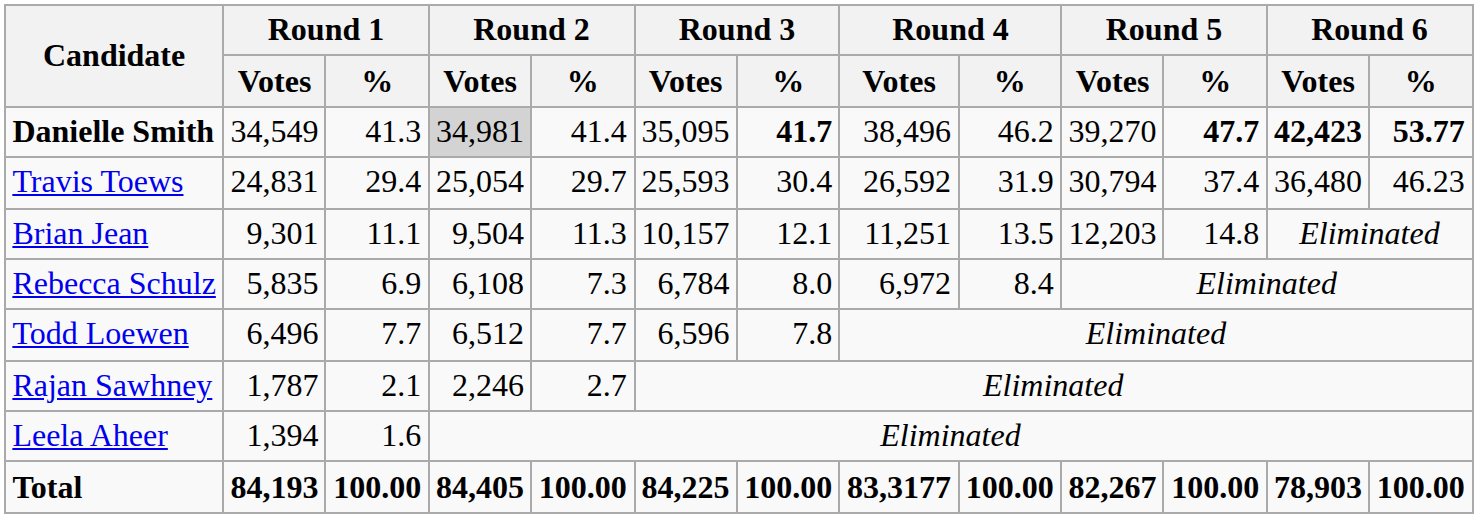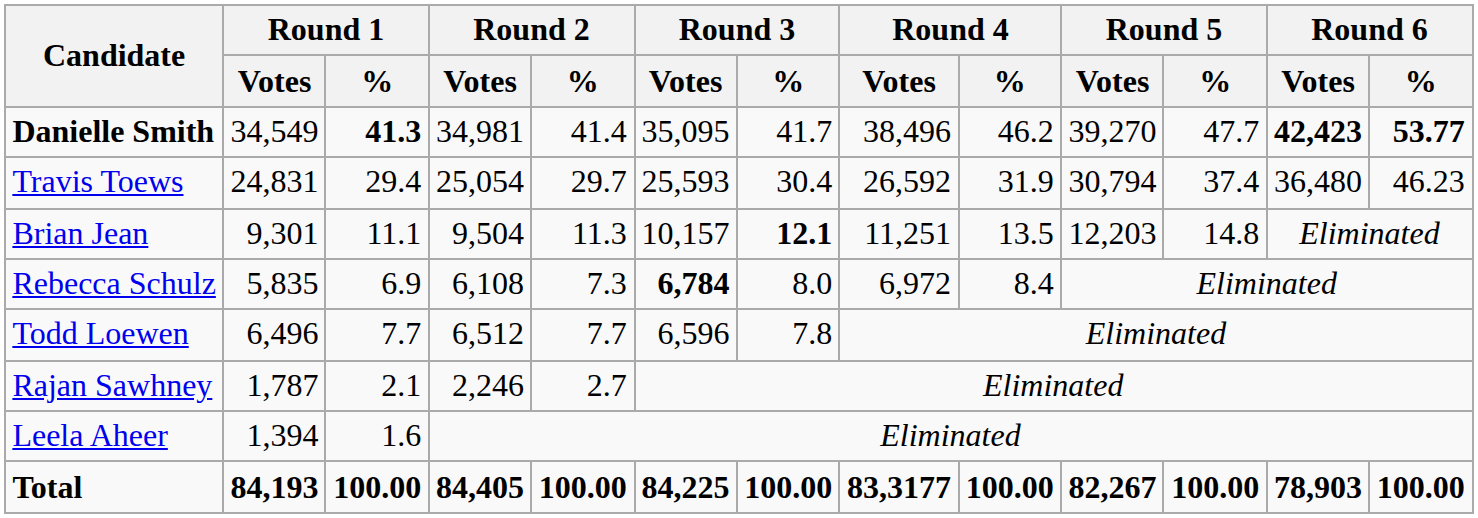 <table class="wikitable">
 <tr>
 <th rowspan=2>Candidate</th>
 <th colspan=2>Round 1</th>
 <th colspan=2>Round 2</th>
 <th colspan=2>Round 3</th>
 <th colspan=2>Round 4</th>
 <th colspan=2>Round 5</th>
 <th colspan=2>Round 6</th>
 </tr>
 <tr>
 <th>Votes</th>
 <th>%</th>
 <th>Votes</th>
 <th>%</th>
 <th>Votes</th>
 <th>%</th>
 <th>Votes</th>
 <th>%</th>
 <th>Votes</th>
 <th>%</th>
 <th>Votes</th>
 <th>%</th>
 </tr>
 <tr>
 <td><strong>Danielle Smith</strong></td>
 <td style="text-align:right">34,549</td>
-<td style="text-align:right">41.3</td>
-<td style="background: lightgrey; text-align:right">34,981</td>
+<td style="text-align:right"><strong>41.3</strong></td>
+<td style="text-align:right">34,981</td>
 <td style="text-align:right">41.4</td>
 <td style="text-align:right">35,095</td>
-<td style="text-align:right"><strong>41.7</strong></td>
+<td style="text-align:right">41.7</td>
 <td style="text-align:right">38,496</td>
 <td style="text-align:right">46.2</td>
 <td style="text-align:right">39,270</td>
-<td style="text-align:right"><strong>47.7</strong></td>
+<td style="text-align:right">47.7</td>
 <td style="text-align:right"><strong>42,423</strong></td>
 <td style="text-align:right"><strong>53.77</strong></td>
 </tr>
 <tr>
 <td><a href='#'>Travis Toews</a></td>
 <td style="text-align:right">24,831</td>
 <td style="text-align:right">29.4</td>
 <td style="text-align:right">25,054</td>
 <td style="text-align:right">29.7</td>
 <td style="text-align:right">25,593</td>
 <td style="text-align:right">30.4</td>
 <td style="text-align:right">26,592</td>
 <td style="text-align:right">31.9</td>
 <td style="text-align:right">30,794</td>
 <td style="text-align:right">37.4</td>
 <td style="text-align:right">36,480</td>
 <td style="text-align:right">46.23</td>
 </tr>
 <tr>
 <td><a href='#'>Brian Jean</a></td>
 <td style="text-align:right">9,301</td>
 <td style="text-align:right">11.1</td>
 <td style="text-align:right">9,504</td>
 <td style="text-align:right">11.3</td>
 <td style="text-align:right">10,157</td>
-<td style="text-align:right">12.1</td>
+<td style="text-align:right"><strong>12.1</strong></td>
 <td style="text-align:right">11,251</td>
 <td style="text-align:right">13.5</td>
 <td style="text-align:right">12,203</td>
 <td style="text-align:right">14.8</td>
 <td colspan="2" style="text-align:center"><em>Eliminated</em></td>
 </tr>
 <tr>
 <td><a href='#'>Rebecca Schulz</a></td>
 <td style="text-align:right">5,835</td>
 <td style="text-align:right">6.9</td>
 <td style="text-align:right">6,108</td>
 <td style="text-align:right">7.3</td>
-<td style="text-align:right">6,784</td>
+<td style="text-align:right"><strong>6,784</strong></td>
 <td style="text-align:right">8.0</td>
 <td style="text-align:right">6,972</td>
 <td style="text-align:right">8.4</td>
 <td colspan="4" style="text-align:center"><em>Eliminated</em></td>
 </tr>
 <tr>
 <td><a href='#'>Todd Loewen</a></td>
 <td style="text-align:right">6,496</td>
 <td style="text-align:right">7.7</td>
 <td style="text-align:right">6,512</td>
 <td style="text-align:right">7.7</td>
 <td style="text-align:right">6,596</td>
 <td style="text-align:right">7.8</td>
 <td colspan="6" style="text-align:center"><em>Eliminated</em></td>
 </tr>
 <tr>
 <td><a href='#'>Rajan Sawhney</a></td>
 <td style="text-align:right">1,787</td>
 <td style="text-align:right">2.1</td>
 <td style="text-align:right">2,246</td>
 <td style="text-align:right">2.7</td>
 <td colspan="8" style="text-align:center"><em>Eliminated</em></td>
 </tr>
 <tr>
 <td><a href='#'>Leela Aheer</a></td>
 <td style="text-align:right">1,394</td>
 <td style="text-align:right">1.6</td>
 <td colspan="10" style="text-align:center"><em>Eliminated</em></td>
 </tr>
 <tr>
 <td><strong>Total</strong></td>
 <td style="text-align:right"><strong>84,193</strong></td>
 <td style="text-align:right"><strong>100.00</strong></td>
 <td style="text-align:right"><strong>84,405</strong></td>
 <td style="text-align:right"><strong>100.00</strong></td>
 <td style="text-align:right"><strong>84,225</strong></td>
 <td style="text-align:right"><strong>100.00</strong></td>
 <td style="text-align:right"><strong>83,3177</strong></td>
 <td style="text-align:right"><strong>100.00</strong></td>
 <td style="text-align:right"><strong>82,267</strong></td>
 <td style="text-align:right"><strong>100.00</strong></td>
 <td style="text-align:right"><strong>78,903</strong></td>
 <td style="text-align:right"><strong>100.00</strong></td>
 </tr>
 </table>
